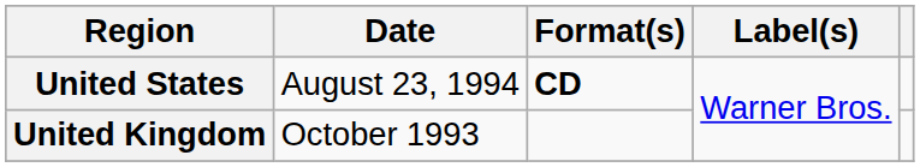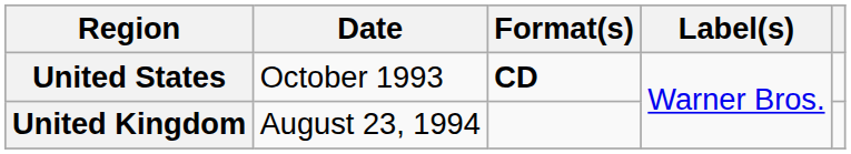 <table class="wikitable plainrowheaders">
 <tr>
 <th scope="col">Region</th>
 <th scope="col">Date</th>
 <th scope="col">Format(s)</th>
 <th scope="col">Label(s)</th>
 <th scope="col"></th>
 </tr>
 <tr>
 <th scope="row">United States</th>
-<td>August 23, 1994</td>
+<td>October 1993</td>
 <td><strong>CD</strong></td>
 <td rowspan="2"><a href='#'>Warner Bros.</a></td>
 <td></td>
 </tr>
 <tr>
 <th scope="row">United Kingdom</th>
-<td>October 1993</td>
+<td>August 23, 1994</td>
 <td></td>
 <td></td>
 </tr>
 </table>
